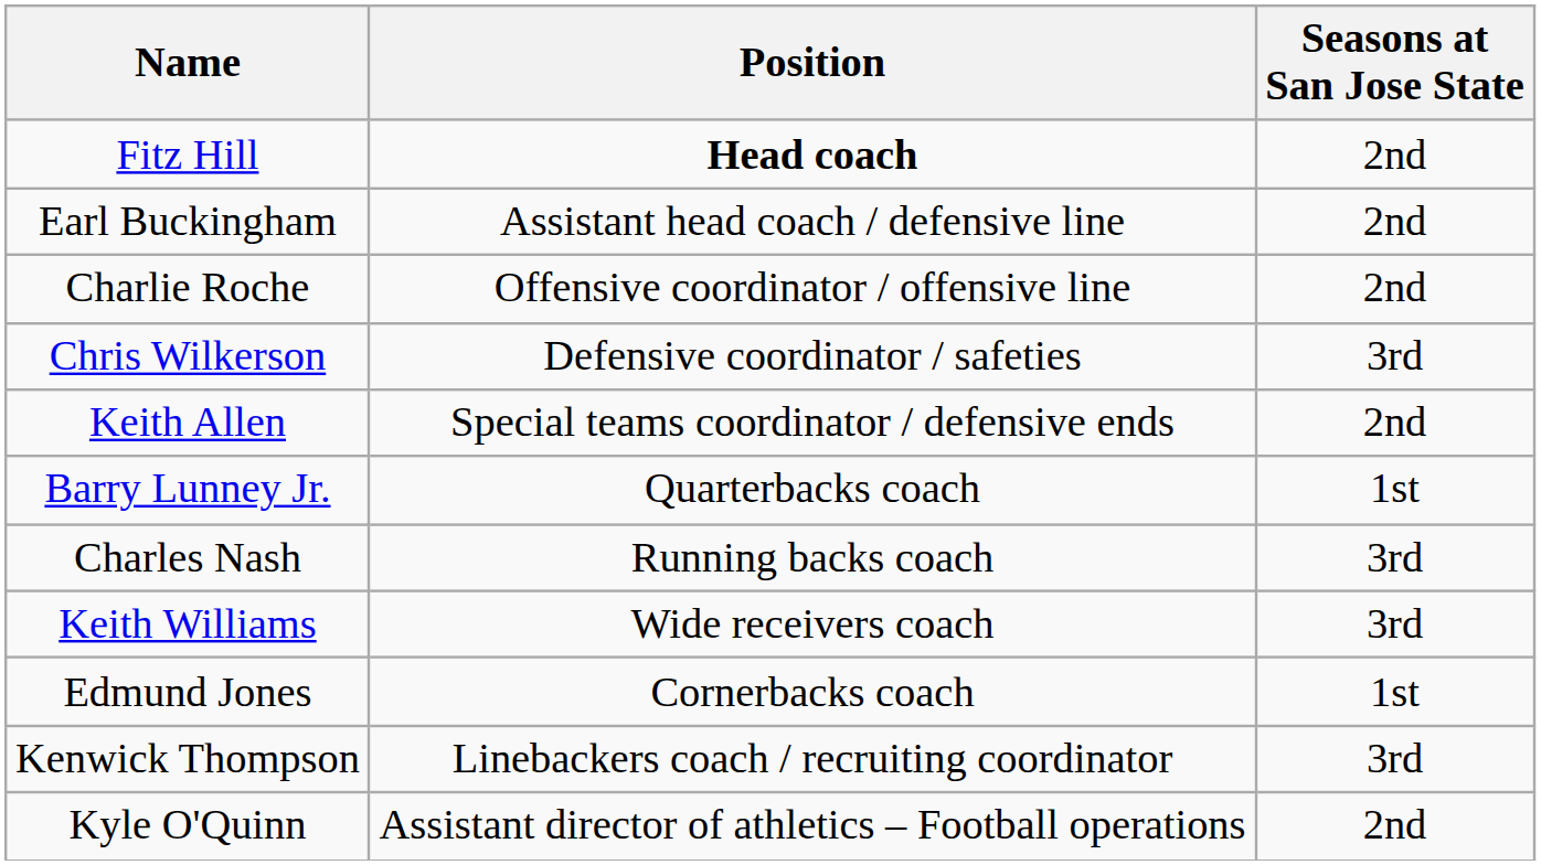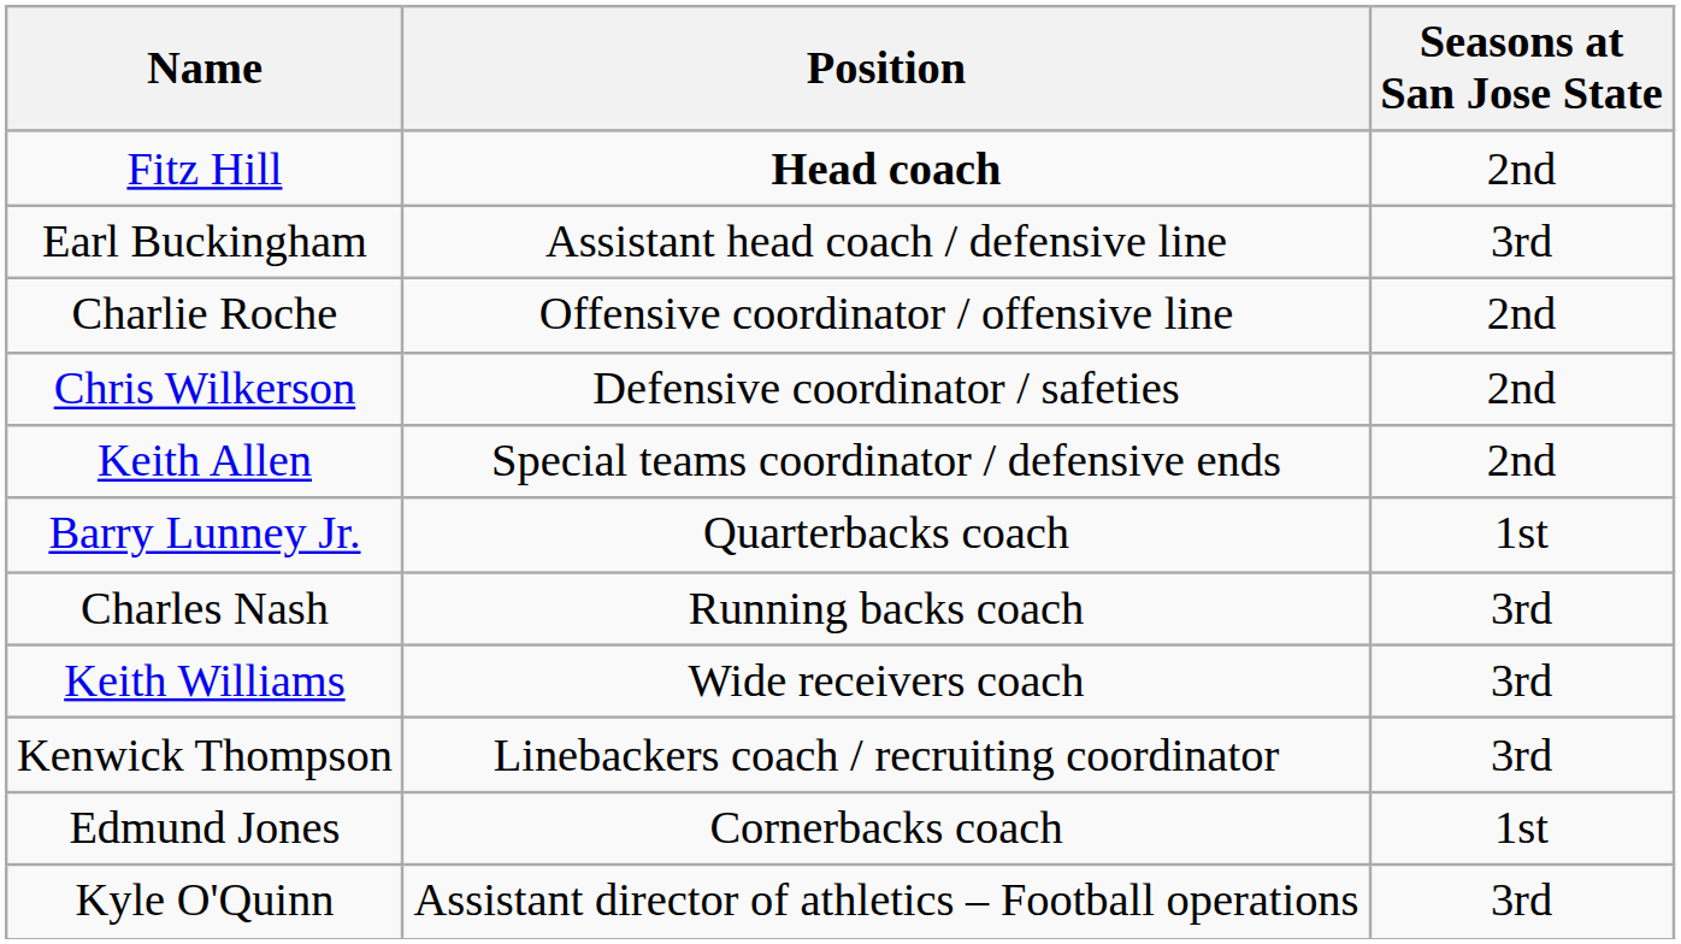 <table class="wikitable">
 <tr>
 <th>Name</th>
 <th>Position</th>
 <th>Seasons at <br> San Jose State</th>
 </tr>
 <tr>
 <td align=center><a href='#'>Fitz Hill</a></td>
 <td align=center><strong>Head coach</strong></td>
 <td align=center>2nd</td>
 </tr>
 <tr>
 <td align=center>Earl Buckingham</td>
 <td align=center>Assistant head coach / defensive line</td>
-<td align=center>2nd</td>
+<td align=center>3rd</td>
 </tr>
 <tr>
 <td align=center>Charlie Roche</td>
 <td align=center>Offensive coordinator / offensive line</td>
 <td align=center>2nd</td>
 </tr>
 <tr>
 <td align=center><a href='#'>Chris Wilkerson</a></td>
 <td align=center>Defensive coordinator / safeties</td>
-<td align=center>3rd</td>
+<td align=center>2nd</td>
 </tr>
 <tr>
 <td align=center><a href='#'>Keith Allen</a></td>
 <td align=center>Special teams coordinator / defensive ends</td>
 <td align=center>2nd</td>
 </tr>
 <tr>
 <td align=center><a href='#'>Barry Lunney Jr.</a></td>
 <td align=center>Quarterbacks coach</td>
 <td align=center>1st</td>
 </tr>
 <tr>
 <td align=center>Charles Nash</td>
 <td align=center>Running backs coach</td>
 <td align=center>3rd</td>
 </tr>
 <tr>
 <td align=center><a href='#'>Keith Williams</a></td>
 <td align=center>Wide receivers coach</td>
 <td align=center>3rd</td>
 </tr>
 <tr>
+<td align=center>Kenwick Thompson</td>
+<td align=center>Linebackers coach / recruiting coordinator</td>
+<td align=center>3rd</td>
+</tr>
+<tr>
 <td align=center>Edmund Jones</td>
 <td align=center>Cornerbacks coach</td>
 <td align=center>1st</td>
 </tr>
 <tr>
-<td align=center>Kenwick Thompson</td>
-<td align=center>Linebackers coach / recruiting coordinator</td>
-<td align=center>3rd</td>
-</tr>
-<tr>
 <td align=center>Kyle O'Quinn</td>
 <td align=center>Assistant director of athletics – Football operations</td>
-<td align=center>2nd</td>
+<td align=center>3rd</td>
 </tr>
 <tr>
 </tr>
 </table>
